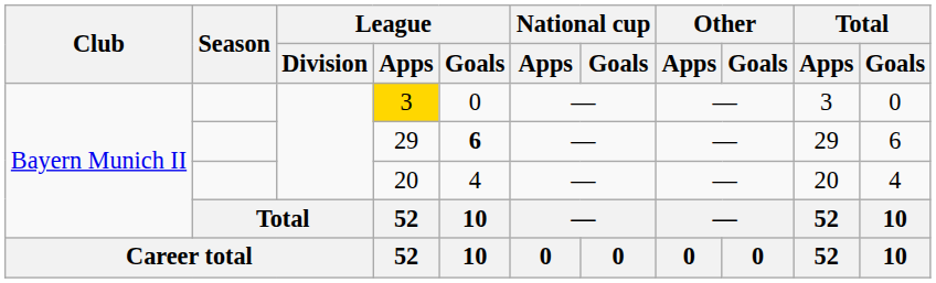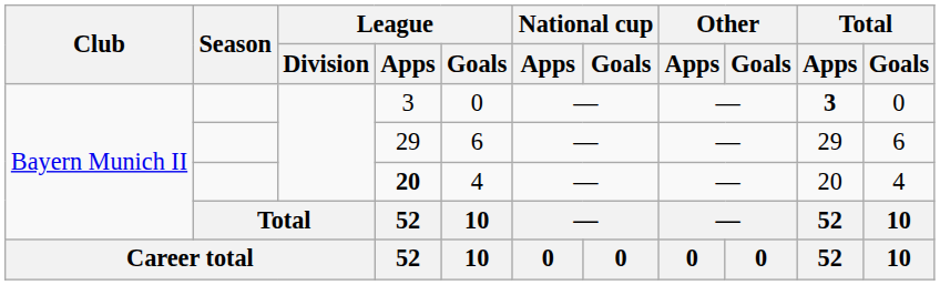 <table class="wikitable" style="text-align:center">
 <tr>
 <th rowspan="2">Club</th>
 <th rowspan="2">Season</th>
 <th colspan="3">League</th>
 <th colspan="2">National cup</th>
 <th colspan="2">Other</th>
 <th colspan="2">Total</th>
 </tr>
 <tr>
 <th>Division</th>
 <th>Apps</th>
 <th>Goals</th>
 <th>Apps</th>
 <th>Goals</th>
 <th>Apps</th>
 <th>Goals</th>
 <th>Apps</th>
 <th>Goals</th>
 </tr>
 <tr>
 <td rowspan="4"><a href='#'>Bayern Munich II</a></td>
 <td></td>
 <td rowspan="3"></td>
-<td style="background: gold;">3</td>
+<td>3</td>
 <td>0</td>
 <td colspan="2">—</td>
 <td colspan="2">—</td>
-<td>3</td>
+<td><strong>3</strong></td>
 <td>0</td>
 </tr>
 <tr>
 <td></td>
 <td>29</td>
-<td><strong>6</strong></td>
+<td>6</td>
 <td colspan="2">—</td>
 <td colspan="2">—</td>
 <td>29</td>
 <td>6</td>
 </tr>
 <tr>
 <td></td>
-<td>20</td>
+<td><strong>20</strong></td>
 <td>4</td>
 <td colspan="2">—</td>
 <td colspan="2">—</td>
 <td>20</td>
 <td>4</td>
 </tr>
 <tr>
 <th colspan="2">Total</th>
 <th>52</th>
 <th>10</th>
 <th colspan="2">—</th>
 <th colspan="2">—</th>
 <th>52</th>
 <th>10</th>
 </tr>
 <tr>
 <th colspan="3">Career total</th>
 <th>52</th>
 <th>10</th>
 <th>0</th>
 <th>0</th>
 <th>0</th>
 <th>0</th>
 <th>52</th>
 <th>10</th>
 </tr>
 </table>
